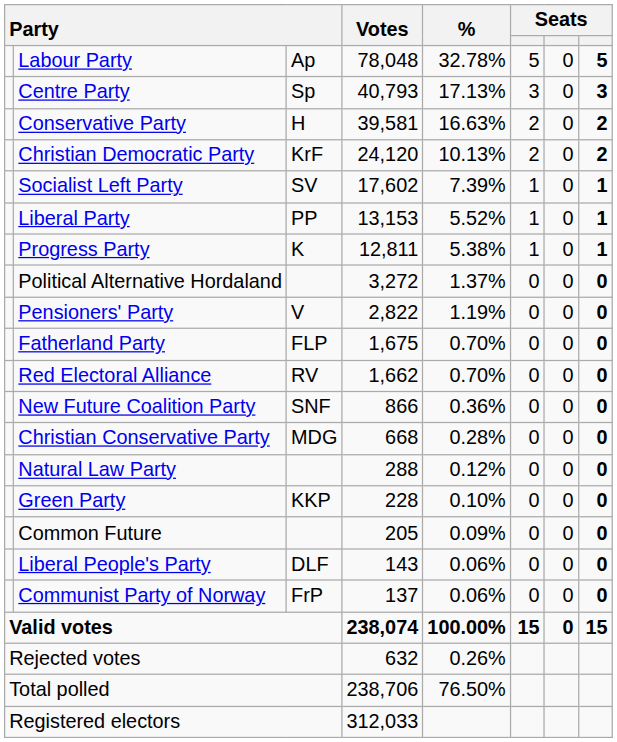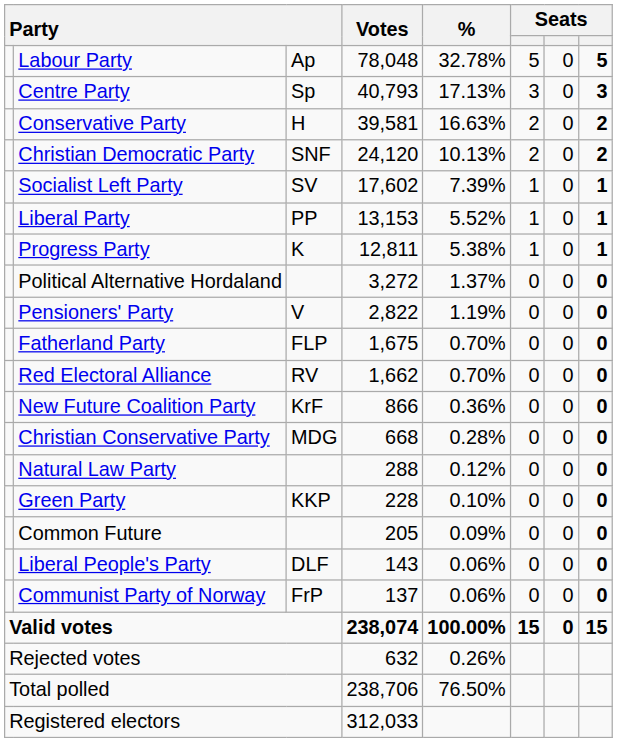 <table class="wikitable" border="1" style="text-align:right;">
 <tr>
 <th style="text-align:left;" valign=bottom rowspan=2 colspan=3>Party</th>
 <th align=center valign=bottom rowspan=2 width="50">Votes</th>
 <th align=center valign=bottom rowspan=2 width="50">%</th>
 <th colspan=3>Seats</th>
 </tr>
 <tr>
 <th align=center valign=bottom width="20"><small></small></th>
 <th align=center valign=bottom width="20"><small><a href='#'></a></small></th>
 <th align=center valign=bottom width="20"><small></small></th>
 </tr>
 <tr>
 <td style="color:inherit;background:"></td>
 <td align=left><a href='#'>Labour Party</a></td>
 <td align=left>Ap</td>
 <td>78,048</td>
 <td>32.78%</td>
 <td>5</td>
 <td>0</td>
 <td><strong>5</strong></td>
 </tr>
 <tr>
 <td style="color:inherit;background:"></td>
 <td align=left><a href='#'>Centre Party</a></td>
 <td align=left>Sp</td>
 <td>40,793</td>
 <td>17.13%</td>
 <td>3</td>
 <td>0</td>
 <td><strong>3</strong></td>
 </tr>
 <tr>
 <td style="color:inherit;background:"></td>
 <td align=left><a href='#'>Conservative Party</a></td>
 <td align=left>H</td>
 <td>39,581</td>
 <td>16.63%</td>
 <td>2</td>
 <td>0</td>
 <td><strong>2</strong></td>
 </tr>
 <tr>
 <td style="color:inherit;background:"></td>
 <td align=left><a href='#'>Christian Democratic Party</a></td>
-<td align=left>KrF</td>
+<td align=left>SNF</td>
 <td>24,120</td>
 <td>10.13%</td>
 <td>2</td>
 <td>0</td>
 <td><strong>2</strong></td>
 </tr>
 <tr>
 <td style="color:inherit;background:"></td>
 <td align=left><a href='#'>Socialist Left Party</a></td>
 <td align=left>SV</td>
 <td>17,602</td>
 <td>7.39%</td>
 <td>1</td>
 <td>0</td>
 <td><strong>1</strong></td>
 </tr>
 <tr>
 <td style="color:inherit;background:"></td>
 <td align=left><a href='#'>Liberal Party</a></td>
 <td align=left>PP</td>
 <td>13,153</td>
 <td>5.52%</td>
 <td>1</td>
 <td>0</td>
 <td><strong>1</strong></td>
 </tr>
 <tr>
 <td style="color:inherit;background:"></td>
 <td align=left><a href='#'>Progress Party</a></td>
 <td align=left>K</td>
 <td>12,811</td>
 <td>5.38%</td>
 <td>1</td>
 <td>0</td>
 <td><strong>1</strong></td>
 </tr>
 <tr>
 <td></td>
 <td align=left>Political Alternative Hordaland</td>
 <td align=left></td>
 <td>3,272</td>
 <td>1.37%</td>
 <td>0</td>
 <td>0</td>
 <td><strong>0</strong></td>
 </tr>
 <tr>
 <td style="color:inherit;background:"></td>
 <td align=left><a href='#'>Pensioners' Party</a></td>
 <td align=left>V</td>
 <td>2,822</td>
 <td>1.19%</td>
 <td>0</td>
 <td>0</td>
 <td><strong>0</strong></td>
 </tr>
 <tr>
 <td style="color:inherit;background:"></td>
 <td align=left><a href='#'>Fatherland Party</a></td>
 <td align=left>FLP</td>
 <td>1,675</td>
 <td>0.70%</td>
 <td>0</td>
 <td>0</td>
 <td><strong>0</strong></td>
 </tr>
 <tr>
 <td style="color:inherit;background:"></td>
 <td align=left><a href='#'>Red Electoral Alliance</a></td>
 <td align=left>RV</td>
 <td>1,662</td>
 <td>0.70%</td>
 <td>0</td>
 <td>0</td>
 <td><strong>0</strong></td>
 </tr>
 <tr>
 <td style="color:inherit;background:"></td>
 <td align=left><a href='#'>New Future Coalition Party</a></td>
-<td align=left>SNF</td>
+<td align=left>KrF</td>
 <td>866</td>
 <td>0.36%</td>
 <td>0</td>
 <td>0</td>
 <td><strong>0</strong></td>
 </tr>
 <tr>
 <td style="color:inherit;background:"></td>
 <td align=left><a href='#'>Christian Conservative Party</a></td>
 <td align=left>MDG</td>
 <td>668</td>
 <td>0.28%</td>
 <td>0</td>
 <td>0</td>
 <td><strong>0</strong></td>
 </tr>
 <tr>
 <td></td>
 <td align=left><a href='#'>Natural Law Party</a></td>
 <td align=left></td>
 <td>288</td>
 <td>0.12%</td>
 <td>0</td>
 <td>0</td>
 <td><strong>0</strong></td>
 </tr>
 <tr>
 <td style="color:inherit;background:"></td>
 <td align=left><a href='#'>Green Party</a></td>
 <td align=left>KKP</td>
 <td>228</td>
 <td>0.10%</td>
 <td>0</td>
 <td>0</td>
 <td><strong>0</strong></td>
 </tr>
 <tr>
 <td></td>
 <td align=left>Common Future</td>
 <td align=left></td>
 <td>205</td>
 <td>0.09%</td>
 <td>0</td>
 <td>0</td>
 <td><strong>0</strong></td>
 </tr>
 <tr>
 <td style="color:inherit;background:"></td>
 <td align=left><a href='#'>Liberal People's Party</a></td>
 <td align=left>DLF</td>
 <td>143</td>
 <td>0.06%</td>
 <td>0</td>
 <td>0</td>
 <td><strong>0</strong></td>
 </tr>
 <tr>
 <td style="color:inherit;background:"></td>
 <td align=left><a href='#'>Communist Party of Norway</a></td>
 <td align=left>FrP</td>
 <td>137</td>
 <td>0.06%</td>
 <td>0</td>
 <td>0</td>
 <td><strong>0</strong></td>
 </tr>
 <tr style="font-weight:bold">
 <td align=left colspan=3>Valid votes</td>
 <td>238,074</td>
 <td>100.00%</td>
 <td>15</td>
 <td>0</td>
 <td>15</td>
 </tr>
 <tr>
 <td align=left colspan=3>Rejected votes</td>
 <td>632</td>
 <td>0.26%</td>
 <td></td>
 <td></td>
 <td></td>
 </tr>
 <tr>
 <td align=left colspan=3>Total polled</td>
 <td>238,706</td>
 <td>76.50%</td>
 <td></td>
 <td></td>
 <td></td>
 </tr>
 <tr>
 <td align=left colspan=3>Registered electors</td>
 <td>312,033</td>
 <td></td>
 <td></td>
 <td></td>
 <td></td>
 </tr>
 </table>
